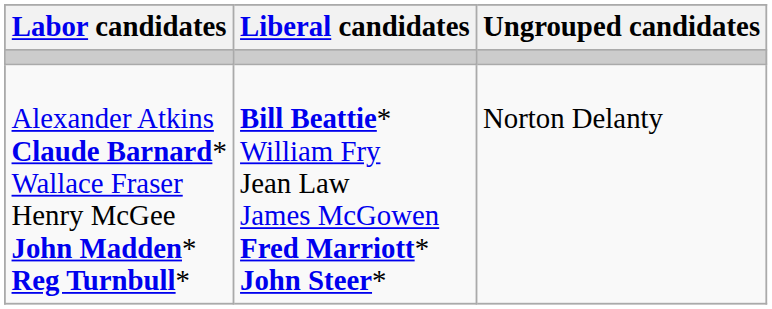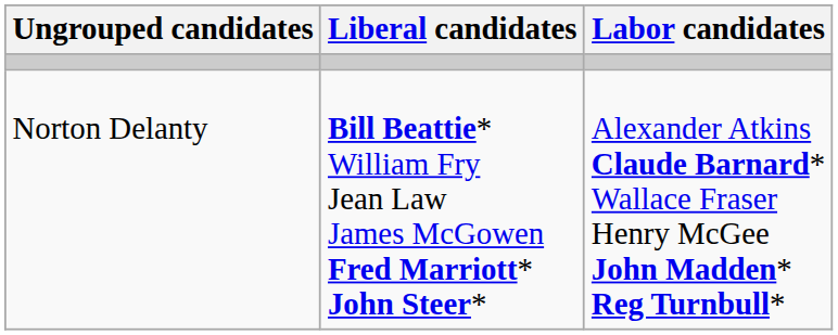 <table class="wikitable">
 <tr>
+<th>Ungrouped candidates</th>
+<th><a href='#'>Liberal</a> candidates</th>
 <th><a href='#'>Labor</a> candidates</th>
-<th><a href='#'>Liberal</a> candidates</th>
-<th>Ungrouped candidates</th>
 </tr>
 <tr bgcolor="#cccccc">
 <td></td>
 <td></td>
 <td></td>
 </tr>
 <tr>
+<td valign=top><br>Norton Delanty</td>
+<td><br><strong><a href='#'>Bill Beattie</a></strong>*<br> <a href='#'>William Fry</a><br> Jean Law<br> <a href='#'>James McGowen</a><br> <strong><a href='#'>Fred Marriott</a></strong>*<br> <strong><a href='#'>John Steer</a></strong>*</td>
 <td><br><a href='#'>Alexander Atkins</a><br> <strong><a href='#'>Claude Barnard</a></strong>*<br> <a href='#'>Wallace Fraser</a><br> Henry McGee<br> <strong><a href='#'>John Madden</a></strong>*<br> <strong><a href='#'>Reg Turnbull</a></strong>*</td>
-<td><br><strong><a href='#'>Bill Beattie</a></strong>*<br> <a href='#'>William Fry</a><br> Jean Law<br> <a href='#'>James McGowen</a><br> <strong><a href='#'>Fred Marriott</a></strong>*<br> <strong><a href='#'>John Steer</a></strong>*</td>
-<td valign=top><br>Norton Delanty</td>
 </tr>
 </table>
